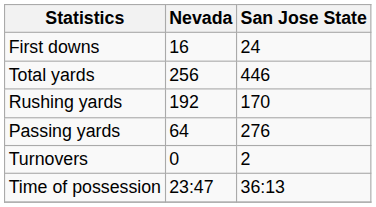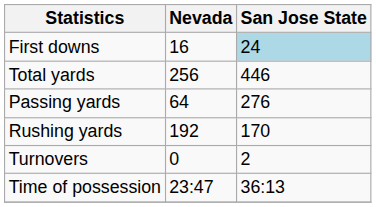 <table class="wikitable">
 <tr>
 <th>Statistics</th>
 <th>Nevada</th>
 <th>San Jose State</th>
 </tr>
 <tr>
 <td>First downs</td>
 <td>16</td>
-<td>24</td>
+<td style="background: lightblue;">24</td>
 </tr>
 <tr>
 <td>Total yards</td>
 <td>256</td>
 <td>446</td>
 </tr>
 <tr>
+<td>Passing yards</td>
+<td>64</td>
+<td>276</td>
+</tr>
+<tr>
 <td>Rushing yards</td>
 <td>192</td>
 <td>170</td>
-</tr>
-<tr>
-<td>Passing yards</td>
-<td>64</td>
-<td>276</td>
 </tr>
 <tr>
 <td>Turnovers</td>
 <td>0</td>
 <td>2</td>
 </tr>
 <tr>
 <td>Time of possession</td>
 <td>23:47</td>
 <td>36:13</td>
 </tr>
 <tr>
 </tr>
 </table>
